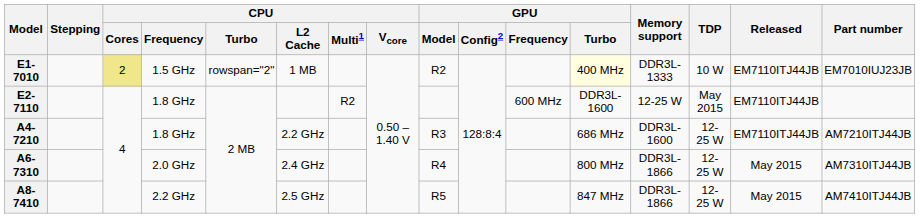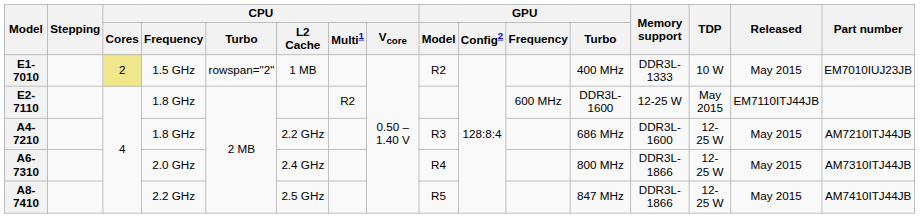 <table class="wikitable" style="text-align: center">
 <tr>
 <th rowspan="2">Model</th>
 <th rowspan="2">Stepping</th>
 <th colspan="6">CPU</th>
 <th colspan="4">GPU</th>
 <th rowspan="2">Memory<br>support</th>
 <th rowspan="2">TDP</th>
 <th rowspan="2">Released</th>
 <th rowspan="2">Part number</th>
 </tr>
 <tr>
 <th>Cores</th>
 <th>Frequency</th>
 <th>Turbo</th>
 <th>L2 Cache</th>
 <th>Multi<sup><a href='#'>1</a></sup></th>
 <th>V<sub>core</sub></th>
 <th>Model</th>
 <th>Config<sup><a href='#'>2</a></sup></th>
 <th>Frequency</th>
 <th>Turbo</th>
 </tr>
 <tr>
 <th>E1-7010</th>
 <td></td>
 <td style="background: khaki;">2</td>
 <td>1.5 GHz</td>
 <td>rowspan="2" </td>
 <td>1 MB</td>
 <td></td>
 <td rowspan="5">0.50 – 1.40 V</td>
 <td>R2</td>
 <td rowspan="5">128:8:4</td>
 <td></td>
-<td style="background: lightyellow;">400 MHz</td>
+<td>400 MHz</td>
 <td>DDR3L-1333</td>
 <td>10 W</td>
-<td>EM7110ITJ44JB</td>
+<td>May 2015</td>
 <td>EM7010IUJ23JB</td>
 </tr>
 <tr>
 <th>E2-7110</th>
 <td></td>
 <td rowspan="4">4</td>
 <td>1.8 GHz</td>
 <td rowspan="4">2 MB</td>
 <td></td>
 <td>R2</td>
 <td></td>
 <td>600 MHz</td>
 <td>DDR3L-1600</td>
 <td>12-25 W</td>
 <td>May 2015</td>
 <td>EM7110ITJ44JB</td>
 </tr>
 <tr>
 <th>A4-7210</th>
 <td></td>
 <td>1.8 GHz</td>
 <td>2.2 GHz</td>
 <td></td>
 <td>R3</td>
 <td></td>
 <td>686 MHz</td>
 <td>DDR3L-1600</td>
 <td>12-25 W</td>
-<td>EM7110ITJ44JB</td>
+<td>May 2015</td>
 <td>AM7210ITJ44JB</td>
 </tr>
 <tr>
 <th>A6-7310</th>
 <td></td>
 <td>2.0 GHz</td>
 <td>2.4 GHz</td>
 <td></td>
 <td>R4</td>
 <td></td>
 <td>800 MHz</td>
 <td>DDR3L-1866</td>
 <td>12-25 W</td>
 <td>May 2015</td>
 <td>AM7310ITJ44JB</td>
 </tr>
 <tr>
 <th>A8-7410</th>
 <td></td>
 <td>2.2 GHz</td>
 <td>2.5 GHz</td>
 <td></td>
 <td>R5</td>
 <td></td>
 <td>847 MHz</td>
 <td>DDR3L-1866</td>
 <td>12-25 W</td>
 <td>May 2015</td>
 <td>AM7410ITJ44JB</td>
 </tr>
 </table>
